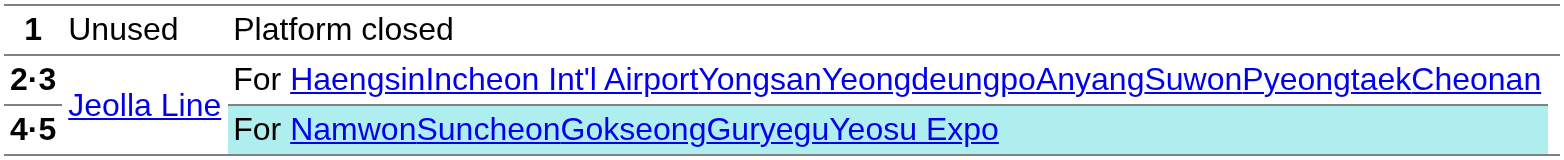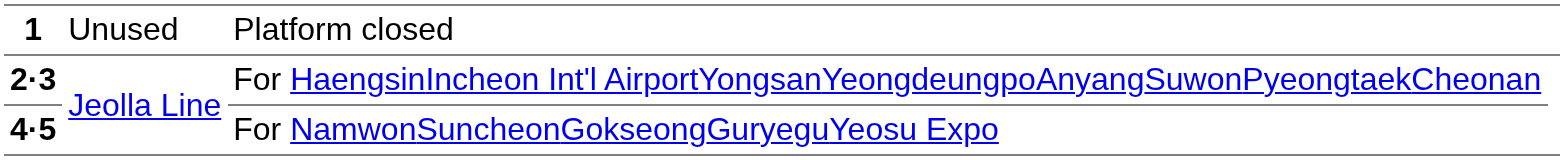 <table border="1" cellspacing="0" cellpadding="3" frame="hsides" rules="rows">
 <tr>
 <th>1</th>
 <td>Unused</td>
 <td>Platform closed</td>
 <td></td>
 </tr>
 <tr>
 <th>2·3</th>
 <td rowspan="2"><a href='#'>Jeolla Line</a></td>
 <td>For <a href='#'>Haengsin</a><a href='#'>Incheon Int'l Airport</a><a href='#'>Yongsan</a><a href='#'>Yeongdeungpo</a><a href='#'>Anyang</a><a href='#'>Suwon</a><a href='#'>Pyeongtaek</a><a href='#'>Cheonan</a></td>
 </tr>
 <tr>
 <th>4·5</th>
-<td style="background: paleturquoise;">For <a href='#'>Namwon</a><a href='#'>Suncheon</a><a href='#'>Gokseong</a><a href='#'>Guryegu</a><a href='#'>Yeosu Expo</a></td>
+<td>For <a href='#'>Namwon</a><a href='#'>Suncheon</a><a href='#'>Gokseong</a><a href='#'>Guryegu</a><a href='#'>Yeosu Expo</a></td>
 </tr>
 </table>
